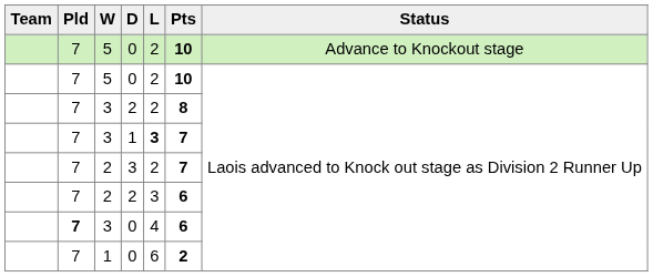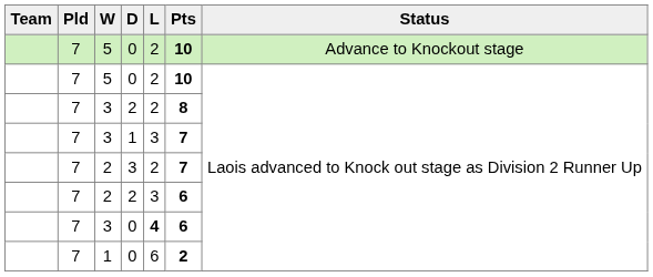 <table style=border-collapse:collapse border=1 cellspacing=0 cellpadding=5>
 <tr align=center bgcolor=#efefef>
 <th>Team</th>
 <th>Pld</th>
 <th>W</th>
 <th>D</th>
 <th>L</th>
 <th>Pts</th>
 <th>Status</th>
 </tr>
 <tr align=center style="background:#D0F0C0;">
 <td style="text-align:left;"> </td>
 <td>7</td>
 <td>5</td>
 <td>0</td>
 <td>2</td>
 <td><strong>10</strong></td>
 <td rowspan="1">Advance to Knockout stage</td>
 </tr>
 <tr align=center style="background:#FFFFFF;">
 <td style="text-align:left;"> </td>
 <td>7</td>
 <td>5</td>
 <td>0</td>
 <td>2</td>
 <td><strong>10</strong></td>
 <td rowspan=7>Laois advanced to Knock out stage as Division 2 Runner Up</td>
 </tr>
 <tr align=center style="background:#FFFFFF;">
 <td style="text-align:left;"> </td>
 <td>7</td>
 <td>3</td>
 <td>2</td>
 <td>2</td>
 <td><strong>8</strong></td>
 </tr>
 <tr align=center style="background:#FFFFFF;">
 <td style="text-align:left;"> </td>
 <td>7</td>
 <td>3</td>
 <td>1</td>
-<td><strong>3</strong></td>
+<td>3</td>
 <td><strong>7</strong></td>
 </tr>
 <tr align=center style="background:#FFFFFF;">
 <td style="text-align:left;"> </td>
 <td>7</td>
 <td>2</td>
 <td>3</td>
 <td>2</td>
 <td><strong>7</strong></td>
 </tr>
 <tr align=center style="background:#FFFFFF;">
 <td style="text-align:left;"> </td>
 <td>7</td>
 <td>2</td>
 <td>2</td>
 <td>3</td>
 <td><strong>6</strong></td>
 </tr>
 <tr align=center style="background:#FFFFFF;">
 <td style="text-align:left;"> </td>
-<td><strong>7</strong></td>
+<td>7</td>
 <td>3</td>
 <td>0</td>
-<td>4</td>
+<td><strong>4</strong></td>
 <td><strong>6</strong></td>
 </tr>
 <tr align=center style="background:#FFFFFF;">
 <td style="text-align:left;"> </td>
 <td>7</td>
 <td>1</td>
 <td>0</td>
 <td>6</td>
 <td><strong>2</strong></td>
 </tr>
 </table>
